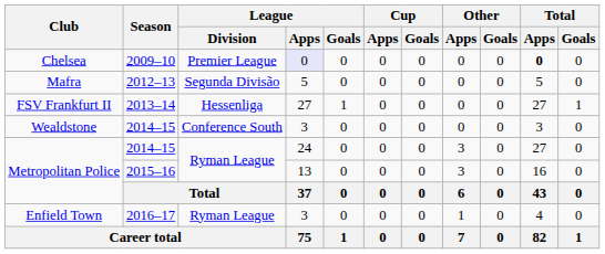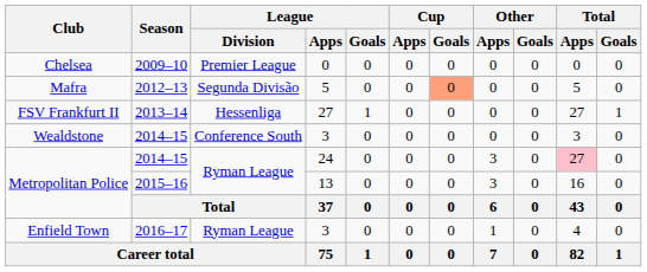 <table class="wikitable" style="text-align: center">
 <tr>
 <th rowspan="2">Club</th>
 <th rowspan="2">Season</th>
 <th colspan="3">League</th>
 <th colspan="2">Cup</th>
 <th colspan="2">Other</th>
 <th colspan="2">Total</th>
 </tr>
 <tr>
 <th>Division</th>
 <th>Apps</th>
 <th>Goals</th>
 <th>Apps</th>
 <th>Goals</th>
 <th>Apps</th>
 <th>Goals</th>
 <th>Apps</th>
 <th>Goals</th>
 </tr>
 <tr>
 <td><a href='#'>Chelsea</a></td>
 <td><a href='#'>2009–10</a></td>
 <td><a href='#'>Premier League</a></td>
-<td style="background: lavender;">0</td>
 <td>0</td>
 <td>0</td>
 <td>0</td>
 <td>0</td>
 <td>0</td>
-<td><strong>0</strong></td>
+<td>0</td>
+<td>0</td>
 <td>0</td>
 </tr>
 <tr>
 <td><a href='#'>Mafra</a></td>
 <td><a href='#'>2012–13</a></td>
 <td><a href='#'>Segunda Divisão</a></td>
 <td>5</td>
 <td>0</td>
 <td>0</td>
-<td>0</td>
+<td style="background: lightsalmon;">0</td>
 <td>0</td>
 <td>0</td>
 <td>5</td>
 <td>0</td>
 </tr>
 <tr>
 <td><a href='#'>FSV Frankfurt II</a></td>
 <td><a href='#'>2013–14</a></td>
 <td><a href='#'>Hessenliga</a></td>
 <td>27</td>
 <td>1</td>
 <td>0</td>
 <td>0</td>
 <td>0</td>
 <td>0</td>
 <td>27</td>
 <td>1</td>
 </tr>
 <tr>
 <td><a href='#'>Wealdstone</a></td>
 <td><a href='#'>2014–15</a></td>
 <td><a href='#'>Conference South</a></td>
 <td>3</td>
 <td>0</td>
 <td>0</td>
 <td>0</td>
 <td>0</td>
 <td>0</td>
 <td>3</td>
 <td>0</td>
 </tr>
 <tr>
 <td rowspan="3"><a href='#'>Metropolitan Police</a></td>
 <td><a href='#'>2014–15</a></td>
 <td rowspan="2"><a href='#'>Ryman League</a></td>
 <td>24</td>
 <td>0</td>
 <td>0</td>
 <td>0</td>
 <td>3</td>
 <td>0</td>
-<td>27</td>
+<td style="background: pink;">27</td>
 <td>0</td>
 </tr>
 <tr>
 <td><a href='#'>2015–16</a></td>
 <td>13</td>
 <td>0</td>
 <td>0</td>
 <td>0</td>
 <td>3</td>
 <td>0</td>
 <td>16</td>
 <td>0</td>
 </tr>
 <tr>
 <th colspan="2">Total</th>
 <th>37</th>
 <th>0</th>
 <th>0</th>
 <th>0</th>
 <th>6</th>
 <th>0</th>
 <th>43</th>
 <th>0</th>
 </tr>
 <tr>
 <td><a href='#'>Enfield Town</a></td>
 <td><a href='#'>2016–17</a></td>
 <td><a href='#'>Ryman League</a></td>
 <td>3</td>
 <td>0</td>
 <td>0</td>
 <td>0</td>
 <td>1</td>
 <td>0</td>
 <td>4</td>
 <td>0</td>
 </tr>
 <tr>
 <th colspan="3">Career total</th>
 <th>75</th>
 <th>1</th>
 <th>0</th>
 <th>0</th>
 <th>7</th>
 <th>0</th>
 <th>82</th>
 <th>1</th>
 </tr>
 </table>
